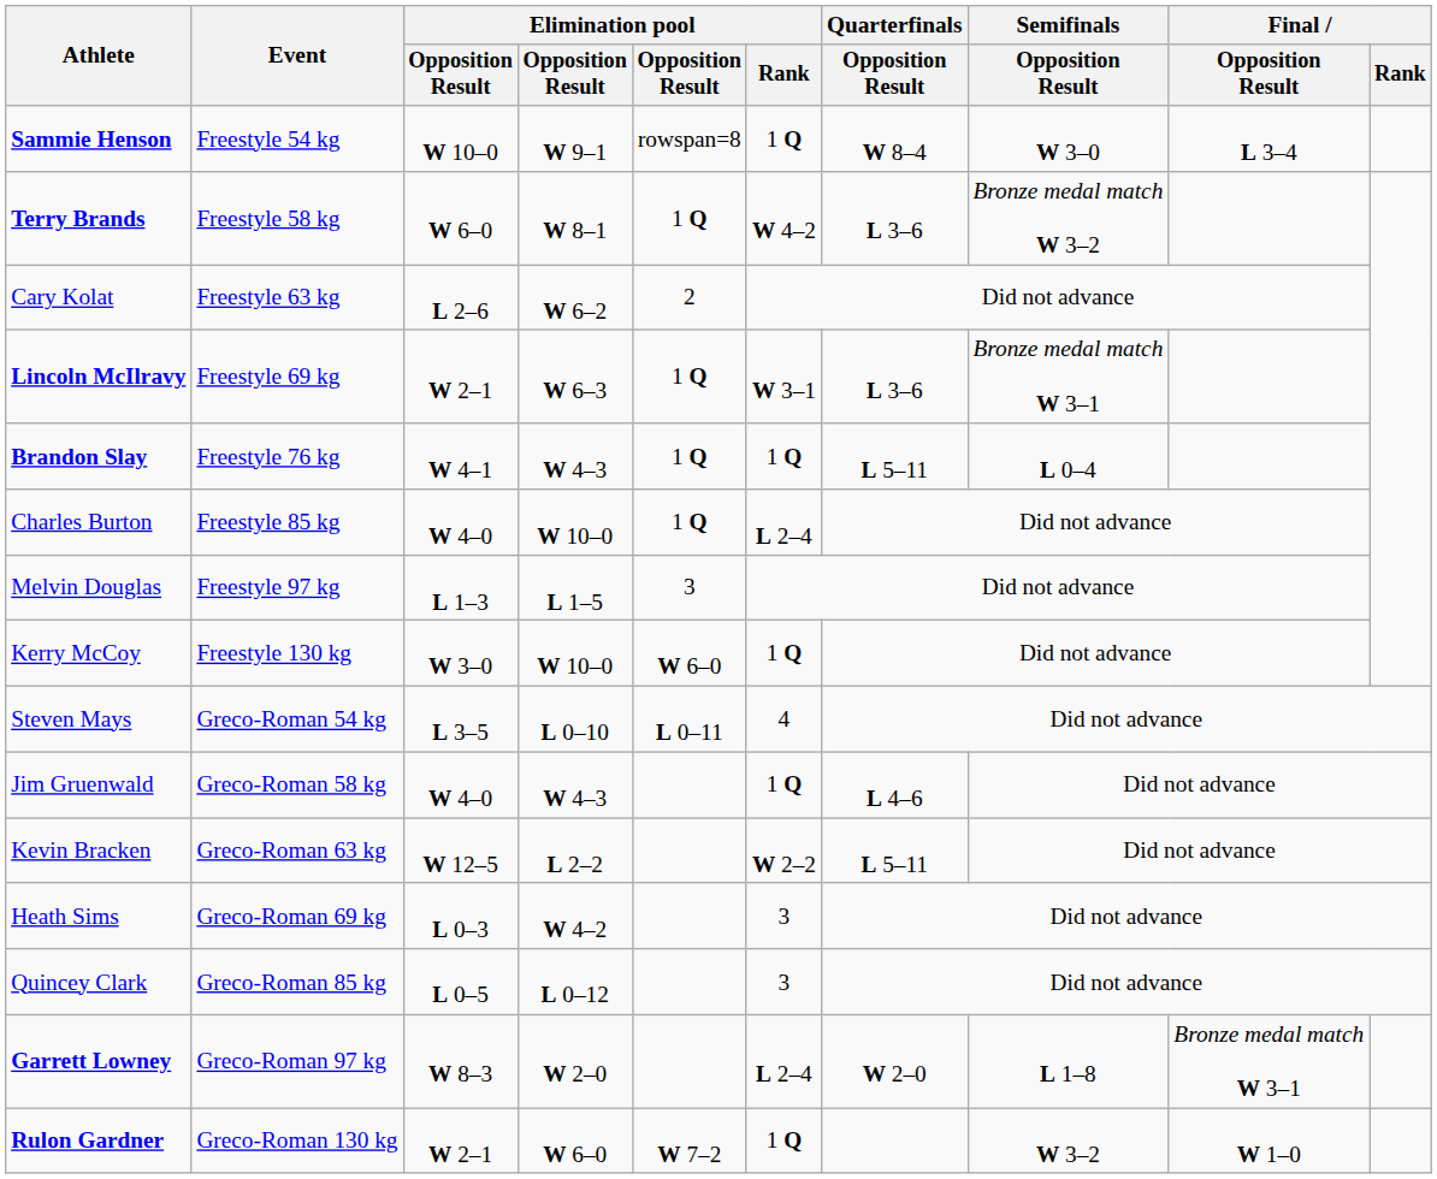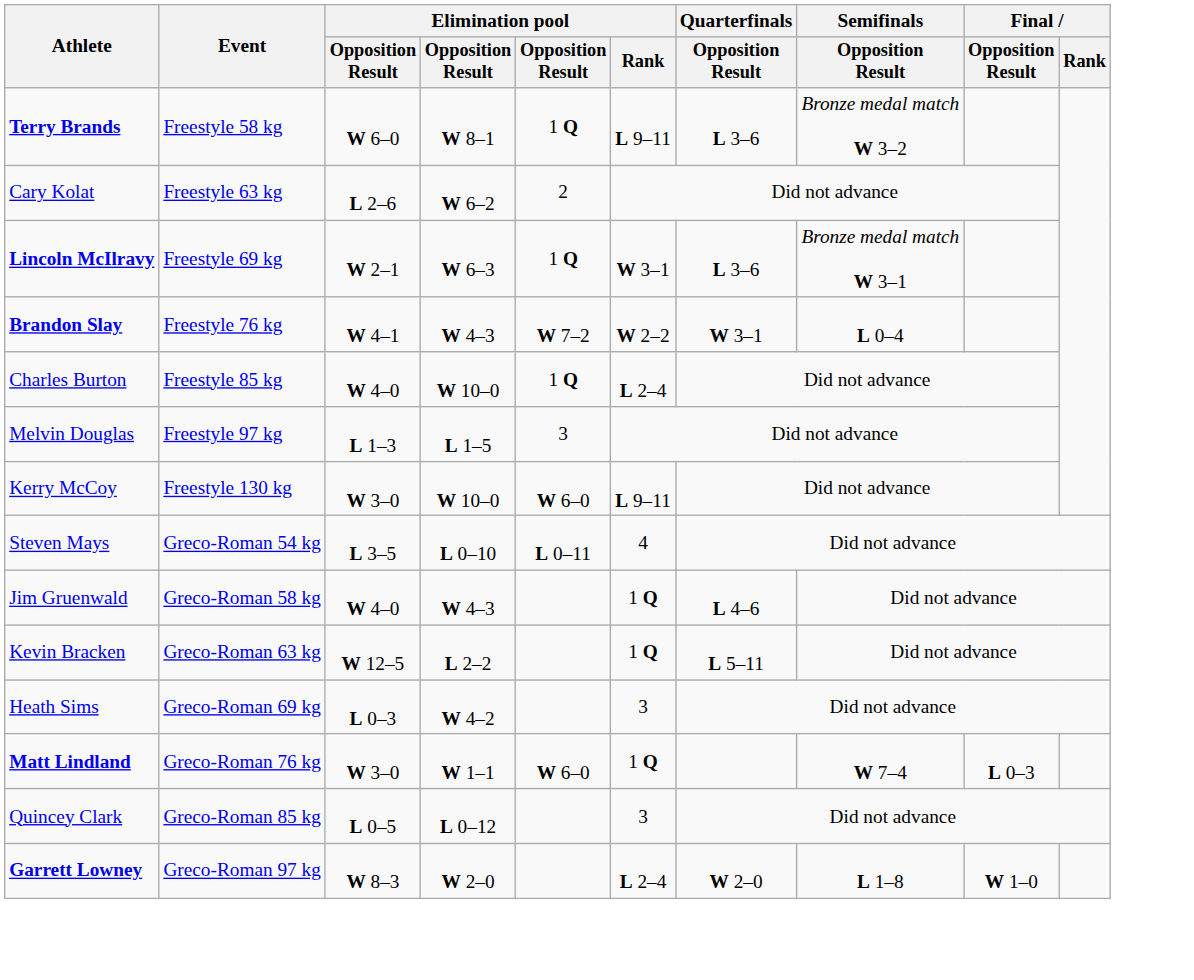 <table class=wikitable style=font-size:90%;text-align:center>
 <tr>
 <th rowspan=2>Athlete</th>
 <th rowspan=2>Event</th>
 <th colspan=4>Elimination pool</th>
 <th>Quarterfinals</th>
 <th>Semifinals</th>
 <th colspan=2>Final / </th>
 </tr>
 <tr style=font-size:95%>
 <th>Opposition<br>Result</th>
 <th>Opposition<br>Result</th>
 <th>Opposition<br>Result</th>
 <th>Rank</th>
 <th>Opposition<br>Result</th>
 <th>Opposition<br>Result</th>
 <th>Opposition<br>Result</th>
 <th>Rank</th>
 </tr>
 <tr>
-<td align=left><strong><a href='#'>Sammie Henson</a></strong></td>
-<td align=left><a href='#'>Freestyle 54 kg</a></td>
-<td><br><strong>W</strong> 10–0</td>
-<td><br><strong>W</strong> 9–1</td>
-<td>rowspan=8 </td>
-<td>1 <strong>Q</strong></td>
-<td><br><strong>W</strong> 8–4</td>
-<td><br><strong>W</strong> 3–0</td>
-<td><br><strong>L</strong> 3–4</td>
-<td></td>
-</tr>
-<tr>
 <td align=left><strong><a href='#'>Terry Brands</a></strong></td>
 <td align=left><a href='#'>Freestyle 58 kg</a></td>
 <td><br><strong>W</strong> 6–0</td>
 <td><br><strong>W</strong> 8–1</td>
 <td>1 <strong>Q</strong></td>
-<td><br><strong>W</strong> 4–2</td>
+<td><br><strong>L</strong> 9–11</td>
 <td><br><strong>L</strong> 3–6</td>
 <td><em>Bronze medal match</em><br><br><strong>W</strong> 3–2</td>
 <td></td>
 </tr>
 <tr>
 <td align=left><a href='#'>Cary Kolat</a></td>
 <td align=left><a href='#'>Freestyle 63 kg</a></td>
 <td><br><strong>L</strong> 2–6</td>
 <td><br><strong>W</strong> 6–2</td>
 <td>2</td>
 <td colspan=4>Did not advance</td>
 </tr>
 <tr>
 <td align=left><strong><a href='#'>Lincoln McIlravy</a></strong></td>
 <td align=left><a href='#'>Freestyle 69 kg</a></td>
 <td><br><strong>W</strong> 2–1</td>
 <td><br><strong>W</strong> 6–3</td>
 <td>1 <strong>Q</strong></td>
 <td><br><strong>W</strong> 3–1</td>
 <td><br><strong>L</strong> 3–6</td>
 <td><em>Bronze medal match</em><br><br><strong>W</strong> 3–1</td>
 <td></td>
 </tr>
 <tr>
 <td align=left><strong><a href='#'>Brandon Slay</a></strong></td>
 <td align=left><a href='#'>Freestyle 76 kg</a></td>
 <td><br><strong>W</strong> 4–1</td>
 <td><br><strong>W</strong> 4–3</td>
-<td>1 <strong>Q</strong></td>
-<td>1 <strong>Q</strong></td>
-<td><br><strong>L</strong> 5–11</td>
+<td> <br> <strong>W</strong> 7–2</td>
+<td><br><strong>W</strong> 2–2</td>
+<td><br><strong>W</strong> 3–1</td>
 <td><br><strong>L</strong> 0–4</td>
 <td></td>
 </tr>
 <tr>
 <td align=left><a href='#'>Charles Burton</a></td>
 <td align=left><a href='#'>Freestyle 85 kg</a></td>
 <td><br><strong>W</strong> 4–0</td>
 <td><br><strong>W</strong> 10–0</td>
 <td>1 <strong>Q</strong></td>
 <td><br><strong>L</strong> 2–4</td>
 <td colspan=3>Did not advance</td>
 </tr>
 <tr>
 <td align=left><a href='#'>Melvin Douglas</a></td>
 <td align=left><a href='#'>Freestyle 97 kg</a></td>
 <td><br><strong>L</strong> 1–3</td>
 <td><br><strong>L</strong> 1–5</td>
 <td>3</td>
 <td colspan=4>Did not advance</td>
 </tr>
 <tr>
 <td align=left><a href='#'>Kerry McCoy</a></td>
 <td align=left><a href='#'>Freestyle 130 kg</a></td>
 <td><br><strong>W</strong> 3–0</td>
 <td><br><strong>W</strong> 10–0</td>
 <td><br><strong>W</strong> 6–0</td>
-<td>1 <strong>Q</strong></td>
+<td><br><strong>L</strong> 9–11</td>
 <td colspan=3>Did not advance</td>
 </tr>
 <tr>
 <td align=left><a href='#'>Steven Mays</a></td>
 <td align=left><a href='#'>Greco-Roman 54 kg</a></td>
 <td><br><strong>L</strong> 3–5</td>
 <td><br><strong>L</strong> 0–10</td>
 <td><br><strong>L</strong> 0–11</td>
 <td>4</td>
 <td colspan=4>Did not advance</td>
 </tr>
 <tr>
 <td align=left><a href='#'>Jim Gruenwald</a></td>
 <td align=left><a href='#'>Greco-Roman 58 kg</a></td>
 <td><br><strong>W</strong> 4–0</td>
 <td><br><strong>W</strong> 4–3</td>
 <td></td>
 <td>1 <strong>Q</strong></td>
 <td><br><strong>L</strong> 4–6</td>
 <td colspan=3>Did not advance</td>
 </tr>
 <tr>
 <td align=left><a href='#'>Kevin Bracken</a></td>
 <td align=left><a href='#'>Greco-Roman 63 kg</a></td>
 <td><br><strong>W</strong> 12–5</td>
 <td><br><strong>L</strong> 2–2</td>
 <td></td>
-<td><br><strong>W</strong> 2–2</td>
+<td>1 <strong>Q</strong></td>
 <td><br><strong>L</strong> 5–11</td>
 <td colspan=3>Did not advance</td>
 </tr>
 <tr>
 <td align=left><a href='#'>Heath Sims</a></td>
 <td align=left><a href='#'>Greco-Roman 69 kg</a></td>
 <td><br><strong>L</strong> 0–3</td>
 <td><br><strong>W</strong> 4–2</td>
 <td></td>
 <td>3</td>
 <td colspan=4>Did not advance</td>
+</tr>
+<tr>
+<td align=left><strong><a href='#'>Matt Lindland</a></strong></td>
+<td align=left><a href='#'>Greco-Roman 76 kg</a></td>
+<td><br><strong>W</strong> 3–0</td>
+<td><br><strong>W</strong> 1–1</td>
+<td><br><strong>W</strong> 6–0</td>
+<td>1 <strong>Q</strong></td>
+<td></td>
+<td><br><strong>W</strong> 7–4</td>
+<td><br><strong>L</strong> 0–3</td>
+<td></td>
 </tr>
 <tr>
 <td align=left><a href='#'>Quincey Clark</a></td>
 <td align=left><a href='#'>Greco-Roman 85 kg</a></td>
 <td><br><strong>L</strong> 0–5</td>
 <td><br><strong>L</strong> 0–12</td>
 <td></td>
 <td>3</td>
 <td colspan=4>Did not advance</td>
 </tr>
 <tr>
 <td align=left><strong><a href='#'>Garrett Lowney</a></strong></td>
 <td align=left><a href='#'>Greco-Roman 97 kg</a></td>
 <td><br><strong>W</strong> 8–3</td>
 <td><br><strong>W</strong> 2–0</td>
 <td></td>
 <td><br><strong>L</strong> 2–4</td>
 <td><br><strong>W</strong> 2–0</td>
 <td><br><strong>L</strong> 1–8</td>
-<td><em>Bronze medal match</em><br><br><strong>W</strong> 3–1</td>
-<td></td>
-</tr>
-<tr>
-<td align=left><strong><a href='#'>Rulon Gardner</a></strong></td>
-<td align=left><a href='#'>Greco-Roman 130 kg</a></td>
-<td><br><strong>W</strong> 2–1</td>
-<td><br><strong>W</strong> 6–0</td>
-<td> <br> <strong>W</strong> 7–2</td>
-<td>1 <strong>Q</strong></td>
-<td></td>
-<td><br><strong>W</strong> 3–2</td>
 <td><br><strong>W</strong> 1–0</td>
 <td></td>
 </tr>
 </table>
